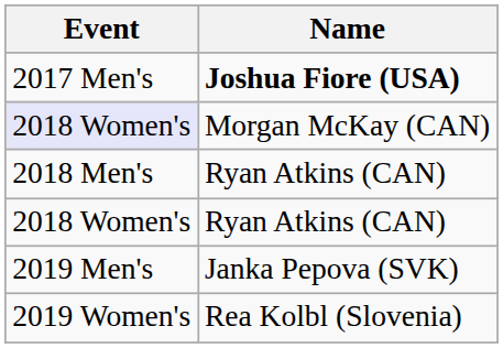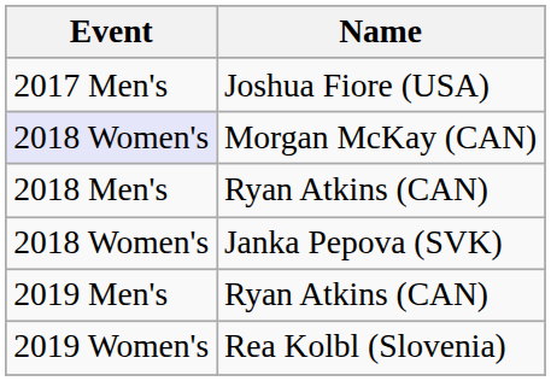 <table class="wikitable">
 <tr>
 <th>Event</th>
 <th>Name</th>
 </tr>
 <tr>
 <td>2017 Men's</td>
-<td><strong>Joshua Fiore (USA)</strong></td>
+<td>Joshua Fiore (USA)</td>
 </tr>
 <tr>
 <td style="background: lavender;">2018 Women's</td>
 <td>Morgan McKay (CAN)</td>
 </tr>
 <tr>
 <td>2018 Men's</td>
 <td>Ryan Atkins (CAN)</td>
 </tr>
 <tr>
 <td>2018 Women's</td>
-<td>Ryan Atkins (CAN)</td>
+<td>Janka Pepova (SVK)</td>
 </tr>
 <tr>
 <td>2019 Men's</td>
-<td>Janka Pepova (SVK)</td>
+<td>Ryan Atkins (CAN)</td>
 </tr>
 <tr>
 <td>2019 Women's</td>
 <td>Rea Kolbl (Slovenia)</td>
 </tr>
 </table>
